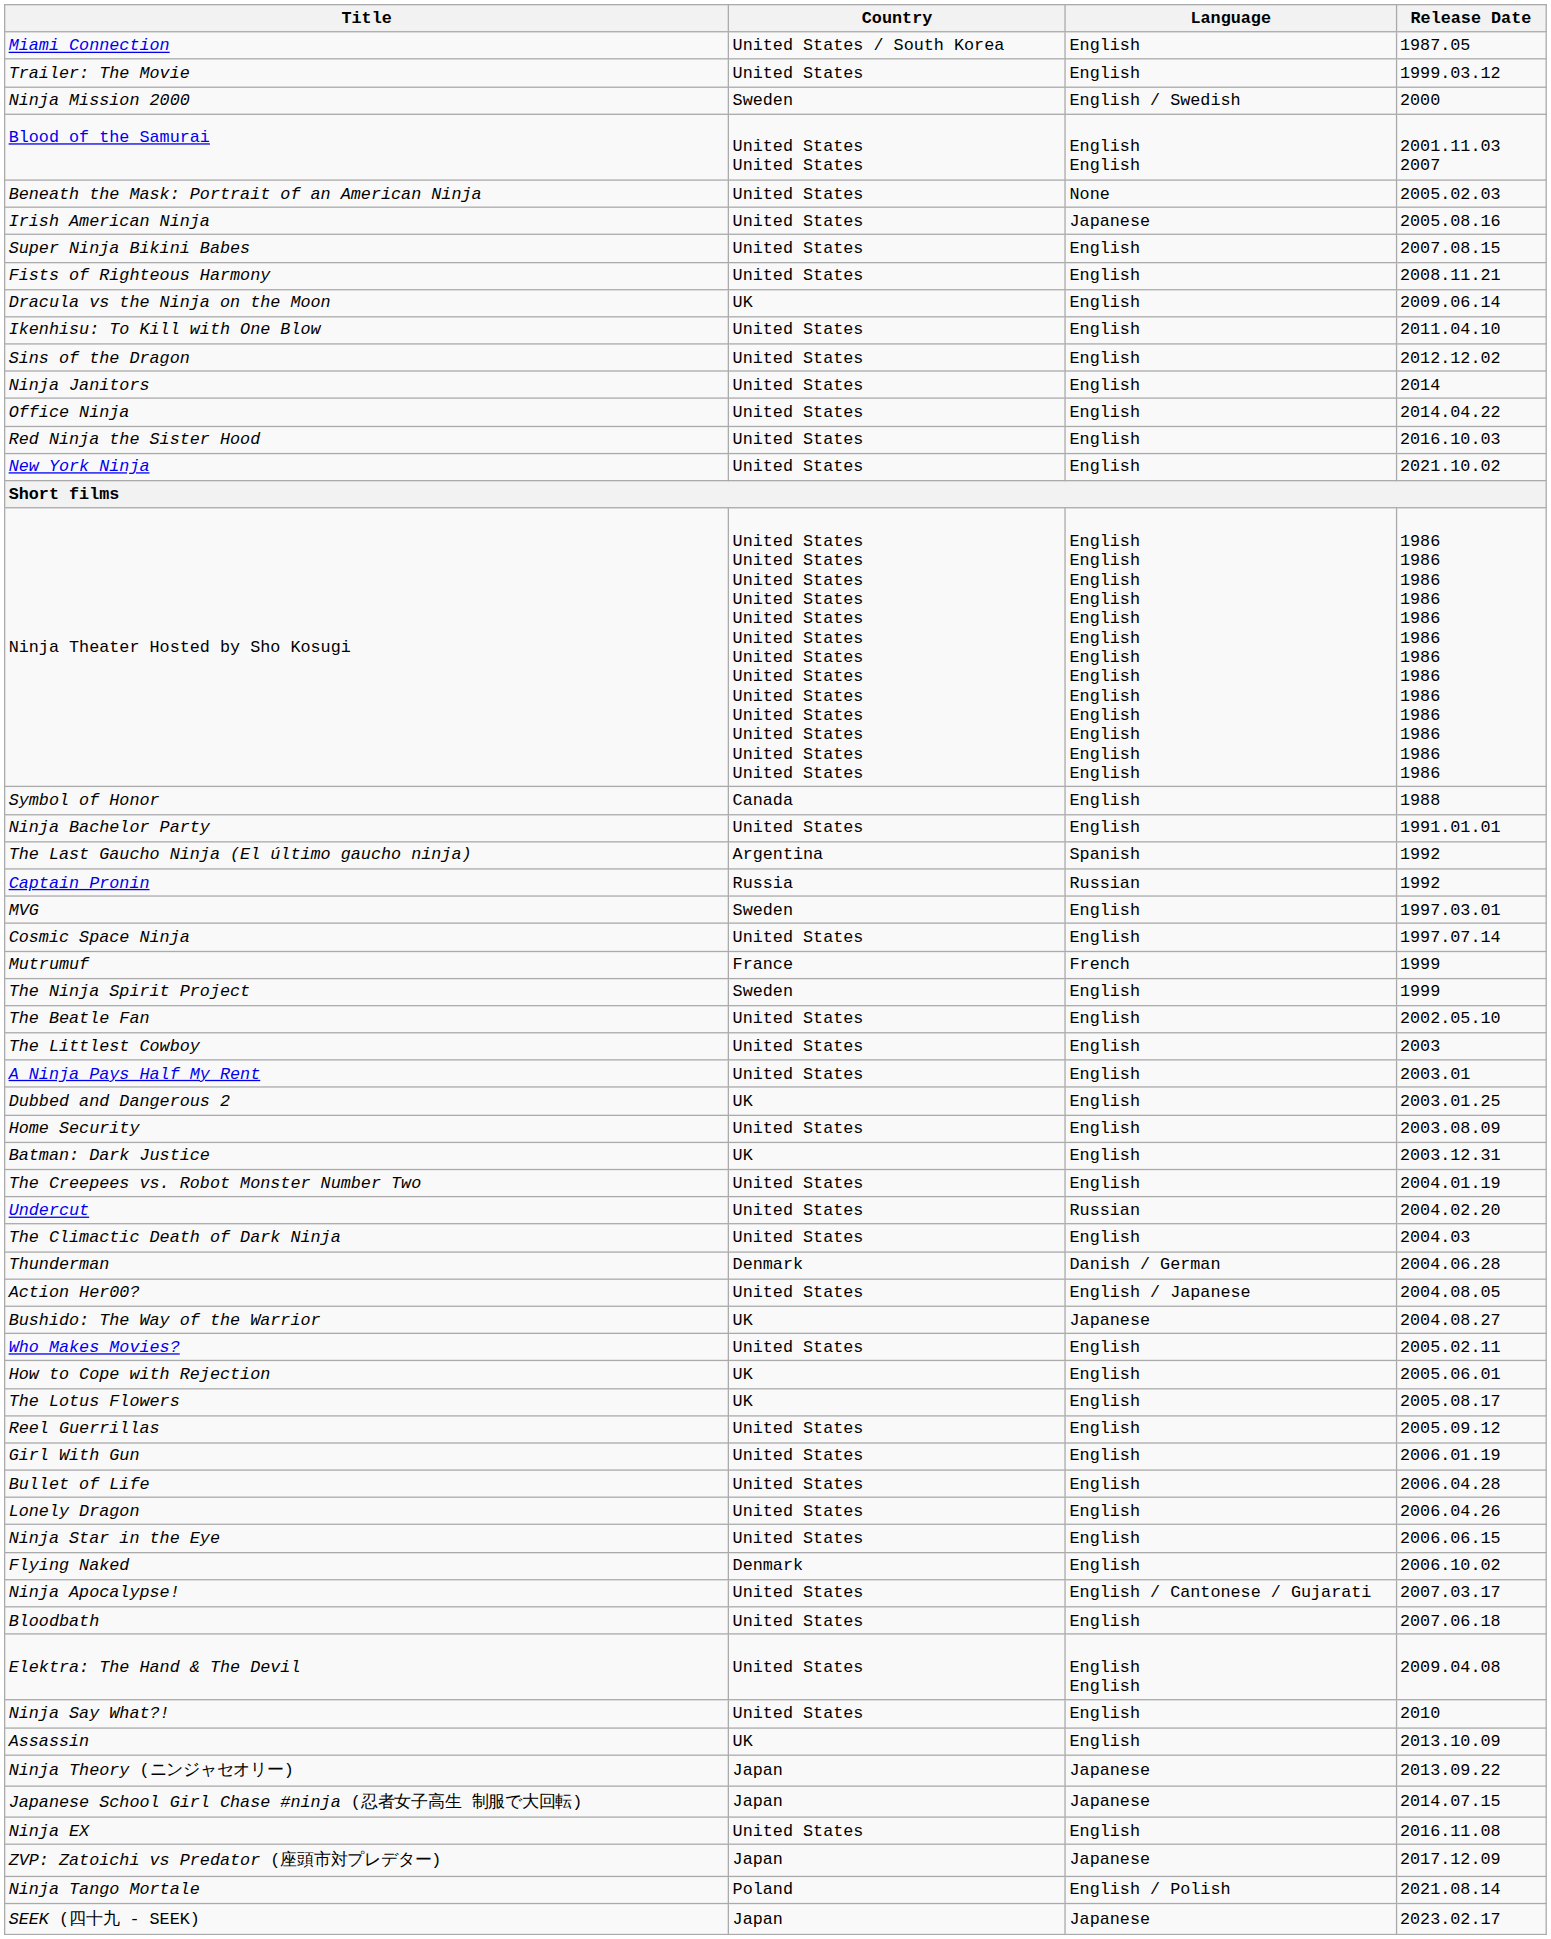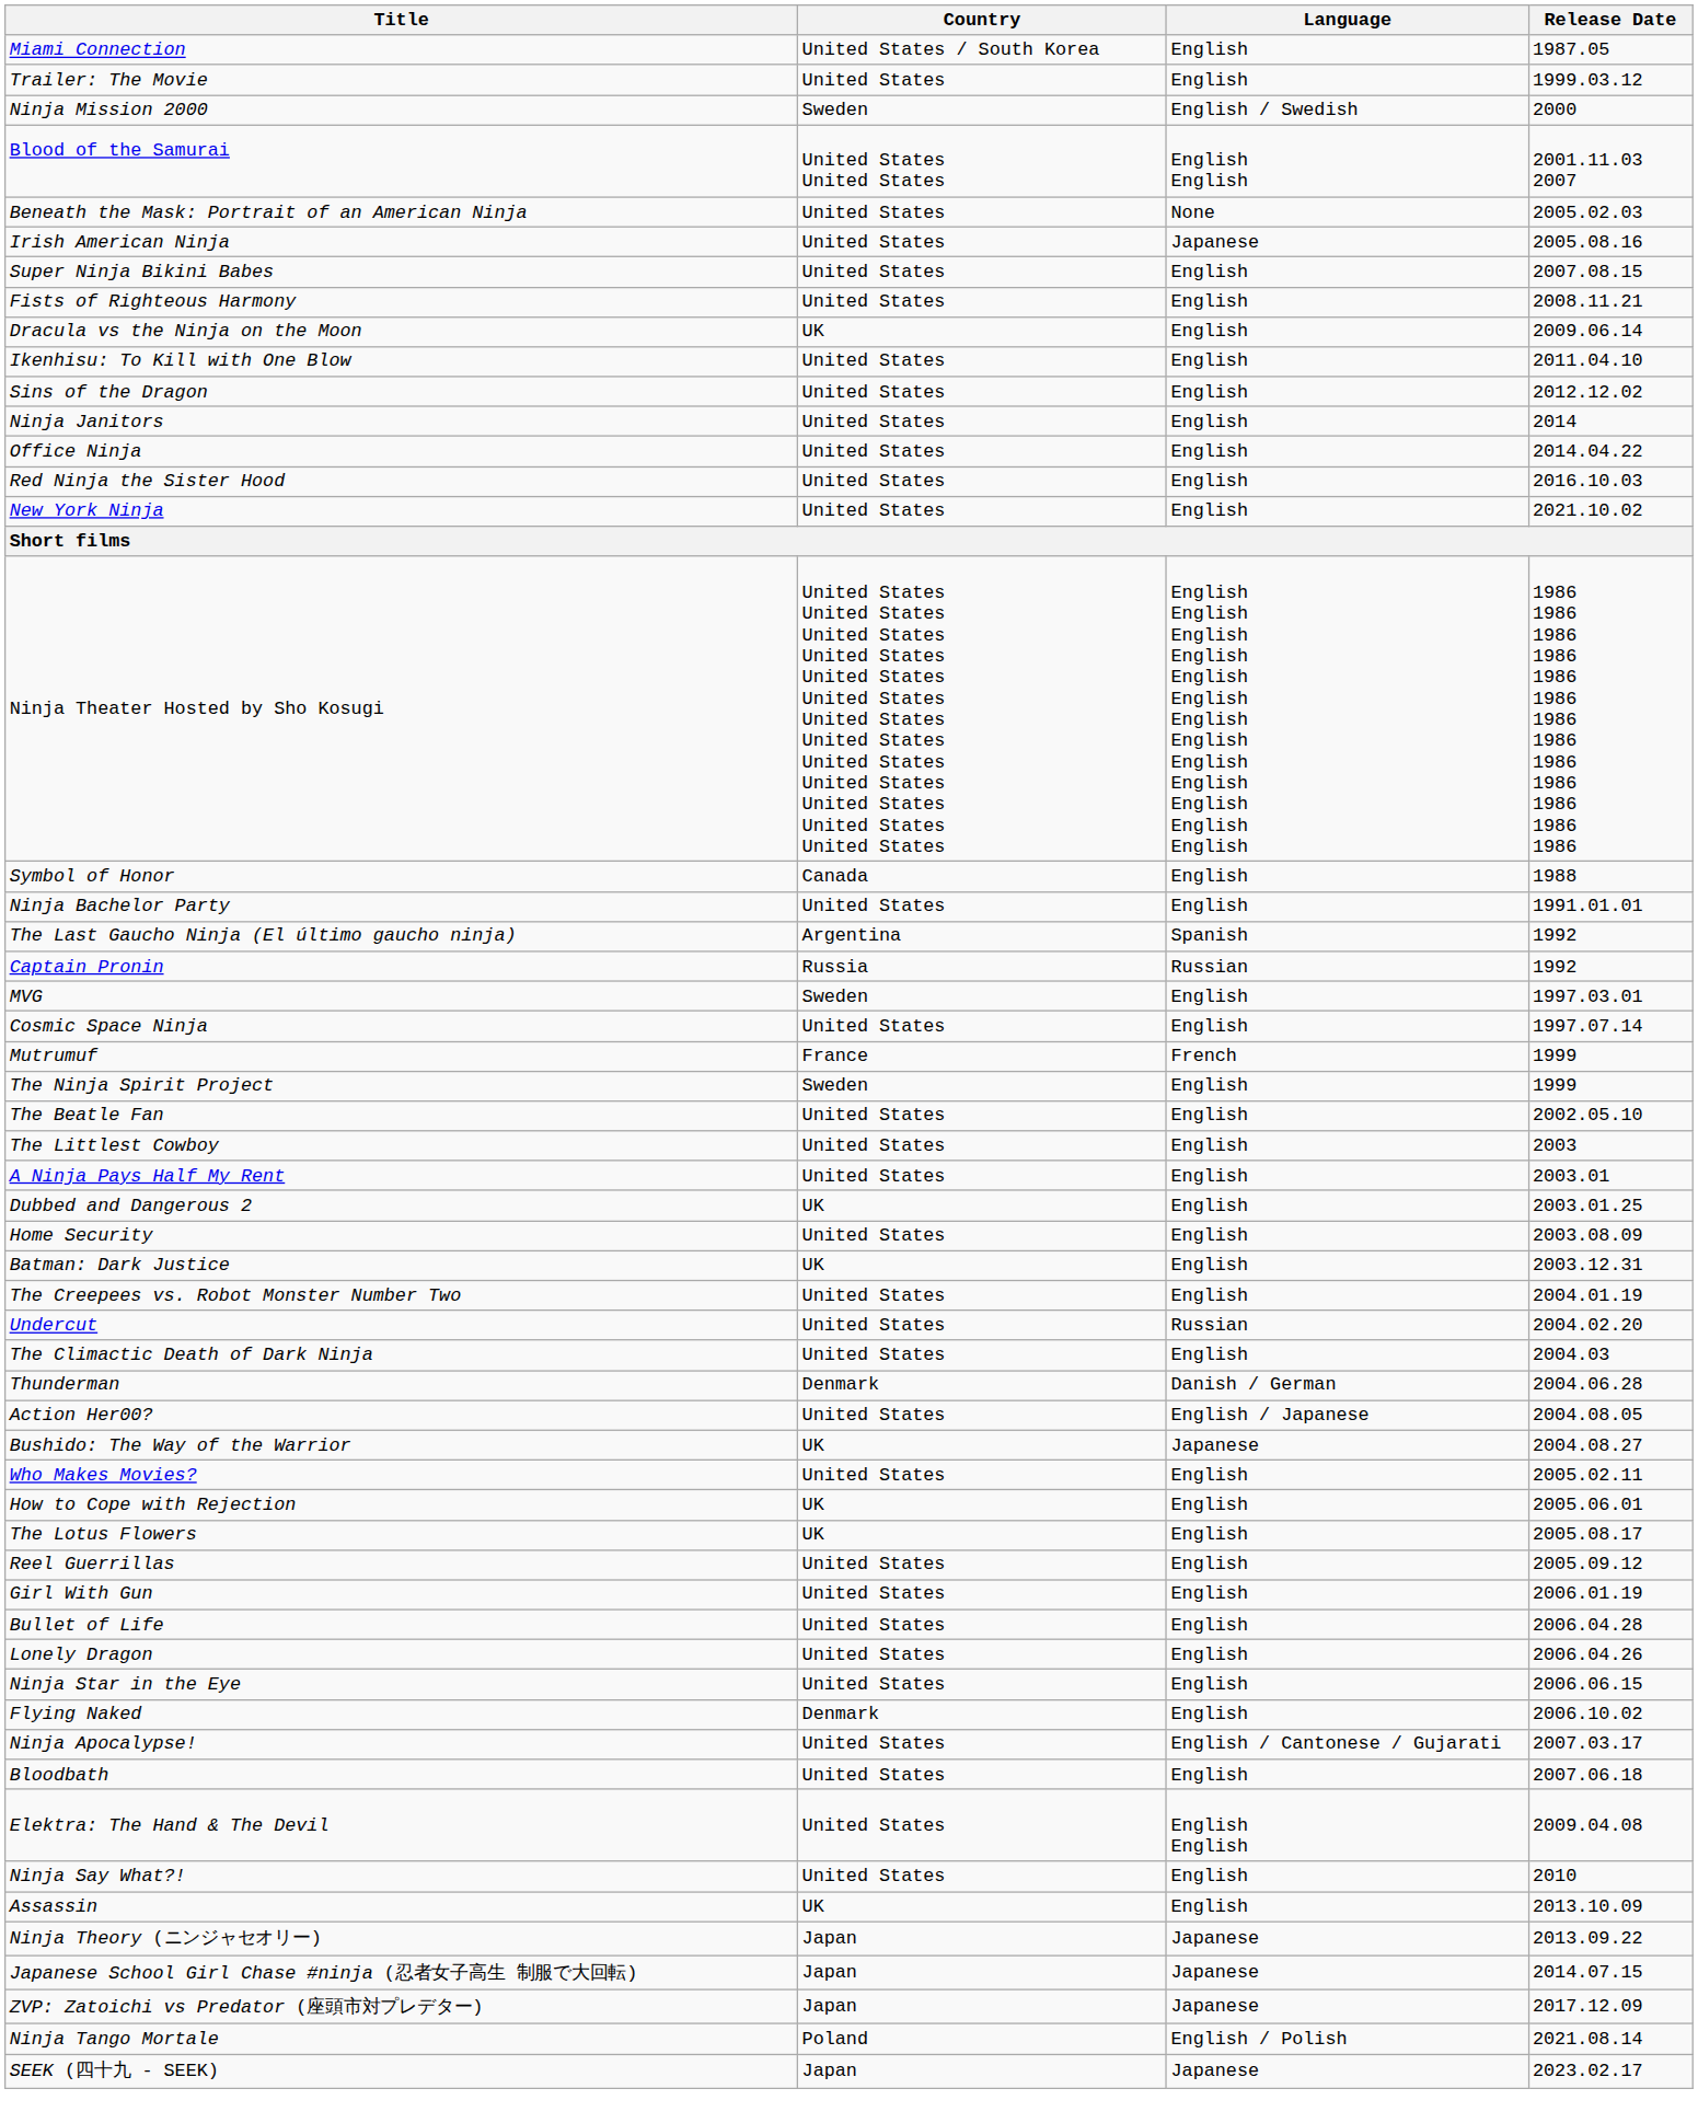 <table class="wikitable">
 <tr>
 <th width="555">Title</th>
 <th width="255">Country</th>
 <th width="250">Language</th>
 <th width="110">Release Date</th>
 </tr>
 <tr>
 <td><em><a href='#'>Miami Connection</a></em></td>
 <td>United States / South Korea</td>
 <td>English</td>
 <td>1987.05</td>
 </tr>
 <tr>
 <td><em>Trailer: The Movie</em></td>
 <td>United States</td>
 <td>English</td>
 <td>1999.03.12</td>
 </tr>
 <tr>
 <td><em>Ninja Mission 2000</em></td>
 <td>Sweden</td>
 <td>English / Swedish</td>
 <td>2000</td>
 </tr>
 <tr>
 <td><a href='#'>Blood of the Samurai</a><br><br></td>
 <td><br>United States<br>United States</td>
 <td><br>English<br>English</td>
 <td><br>2001.11.03<br>2007</td>
 </tr>
 <tr>
 <td><em>Beneath the Mask: Portrait of an American Ninja</em></td>
 <td>United States</td>
 <td>None</td>
 <td>2005.02.03</td>
 </tr>
 <tr>
 <td><em>Irish American Ninja</em></td>
 <td>United States</td>
 <td>Japanese</td>
 <td>2005.08.16</td>
 </tr>
 <tr>
 <td><em>Super Ninja Bikini Babes</em> </td>
 <td>United States</td>
 <td>English</td>
 <td>2007.08.15</td>
 </tr>
 <tr>
 <td><em>Fists of Righteous Harmony</em></td>
 <td>United States</td>
 <td>English</td>
 <td>2008.11.21</td>
 </tr>
 <tr>
 <td><em>Dracula vs the Ninja on the Moon</em></td>
 <td>UK</td>
 <td>English</td>
 <td>2009.06.14</td>
 </tr>
 <tr>
 <td><em>Ikenhisu: To Kill with One Blow</em></td>
 <td>United States</td>
 <td>English</td>
 <td>2011.04.10</td>
 </tr>
 <tr>
 <td><em>Sins of the Dragon</em></td>
 <td>United States</td>
 <td>English</td>
 <td>2012.12.02</td>
 </tr>
 <tr>
 <td><em>Ninja Janitors</em></td>
 <td>United States</td>
 <td>English</td>
 <td>2014</td>
 </tr>
 <tr>
 <td><em>Office Ninja</em></td>
 <td>United States</td>
 <td>English</td>
 <td>2014.04.22</td>
 </tr>
 <tr>
 <td><em>Red Ninja the Sister Hood</em></td>
 <td>United States</td>
 <td>English</td>
 <td>2016.10.03</td>
 </tr>
 <tr>
 <td><em><a href='#'>New York Ninja</a></em> </td>
 <td>United States</td>
 <td>English</td>
 <td>2021.10.02</td>
 </tr>
 <tr>
 <th colspan="4" style="text-align:left;"><strong>Short films</strong></th>
 </tr>
 <tr>
 <td>Ninja Theater Hosted by Sho Kosugi <br></td>
 <td><br>United States<br>United States<br>United States<br>United States<br>United States<br>United States<br>United States<br>United States<br>United States<br>United States<br>United States<br>United States<br>United States</td>
 <td><br>English<br>English<br>English<br>English<br>English<br>English<br>English<br>English<br>English<br>English<br>English<br>English<br>English</td>
 <td><br>1986<br>1986<br>1986<br>1986<br>1986<br>1986<br>1986<br>1986<br>1986<br>1986<br>1986<br>1986<br>1986</td>
 </tr>
 <tr>
 <td><em>Symbol of Honor</em></td>
 <td>Canada</td>
 <td>English</td>
 <td>1988</td>
 </tr>
 <tr>
 <td><em>Ninja Bachelor Party</em></td>
 <td>United States</td>
 <td>English</td>
 <td>1991.01.01</td>
 </tr>
 <tr>
 <td><em>The Last Gaucho Ninja (El último gaucho ninja)</em></td>
 <td>Argentina</td>
 <td>Spanish</td>
 <td>1992</td>
 </tr>
 <tr>
 <td><em><a href='#'>Captain Pronin</a></em></td>
 <td>Russia</td>
 <td>Russian</td>
 <td>1992</td>
 </tr>
 <tr>
 <td><em>MVG</em></td>
 <td>Sweden</td>
 <td>English</td>
 <td>1997.03.01</td>
 </tr>
 <tr>
 <td><em>Cosmic Space Ninja</em></td>
 <td>United States</td>
 <td>English</td>
 <td>1997.07.14</td>
 </tr>
 <tr>
 <td><em>Mutrumuf</em></td>
 <td>France</td>
 <td>French</td>
 <td>1999</td>
 </tr>
 <tr>
 <td><em>The Ninja Spirit Project</em></td>
 <td>Sweden</td>
 <td>English</td>
 <td>1999</td>
 </tr>
 <tr>
 <td><em>The Beatle Fan</em></td>
 <td>United States</td>
 <td>English</td>
 <td>2002.05.10</td>
 </tr>
 <tr>
 <td><em>The Littlest Cowboy</em></td>
 <td>United States</td>
 <td>English</td>
 <td>2003</td>
 </tr>
 <tr>
 <td><em><a href='#'>A Ninja Pays Half My Rent</a></em></td>
 <td>United States</td>
 <td>English</td>
 <td>2003.01</td>
 </tr>
 <tr>
 <td><em>Dubbed and Dangerous 2</em></td>
 <td>UK</td>
 <td>English</td>
 <td>2003.01.25</td>
 </tr>
 <tr>
 <td><em>Home Security</em></td>
 <td>United States</td>
 <td>English</td>
 <td>2003.08.09</td>
 </tr>
 <tr>
 <td><em>Batman: Dark Justice</em> </td>
 <td>UK</td>
 <td>English</td>
 <td>2003.12.31</td>
 </tr>
 <tr>
 <td><em>The Creepees vs. Robot Monster Number Two</em></td>
 <td>United States</td>
 <td>English</td>
 <td>2004.01.19</td>
 </tr>
 <tr>
 <td><em><a href='#'>Undercut</a></em></td>
 <td>United States</td>
 <td>Russian</td>
 <td>2004.02.20</td>
 </tr>
 <tr>
 <td><em>The Climactic Death of Dark Ninja</em></td>
 <td>United States</td>
 <td>English</td>
 <td>2004.03</td>
 </tr>
 <tr>
 <td><em>Thunderman</em></td>
 <td>Denmark</td>
 <td>Danish / German</td>
 <td>2004.06.28</td>
 </tr>
 <tr>
 <td><em>Action Her00?</em></td>
 <td>United States</td>
 <td>English / Japanese</td>
 <td>2004.08.05</td>
 </tr>
 <tr>
 <td><em>Bushido: The Way of the Warrior</em></td>
 <td>UK</td>
 <td>Japanese</td>
 <td>2004.08.27</td>
 </tr>
 <tr>
 <td><em><a href='#'>Who Makes Movies?</a></em></td>
 <td>United States</td>
 <td>English</td>
 <td>2005.02.11</td>
 </tr>
 <tr>
 <td><em>How to Cope with Rejection</em> </td>
 <td>UK</td>
 <td>English</td>
 <td>2005.06.01</td>
 </tr>
 <tr>
 <td><em>The Lotus Flowers </em></td>
 <td>UK</td>
 <td>English</td>
 <td>2005.08.17</td>
 </tr>
 <tr>
 <td><em>Reel Guerrillas</em></td>
 <td>United States</td>
 <td>English</td>
 <td>2005.09.12</td>
 </tr>
 <tr>
 <td><em>Girl With Gun</em></td>
 <td>United States</td>
 <td>English</td>
 <td>2006.01.19</td>
 </tr>
 <tr>
 <td><em>Bullet of Life</em></td>
 <td>United States</td>
 <td>English</td>
 <td>2006.04.28</td>
 </tr>
 <tr>
 <td><em>Lonely Dragon</em></td>
 <td>United States</td>
 <td>English</td>
 <td>2006.04.26</td>
 </tr>
 <tr>
 <td><em>Ninja Star in the Eye</em></td>
 <td>United States</td>
 <td>English</td>
 <td>2006.06.15</td>
 </tr>
 <tr>
 <td><em>Flying Naked</em></td>
 <td>Denmark</td>
 <td>English</td>
 <td>2006.10.02</td>
 </tr>
 <tr>
 <td><em>Ninja Apocalypse!</em></td>
 <td>United States</td>
 <td>English / Cantonese / Gujarati</td>
 <td>2007.03.17</td>
 </tr>
 <tr>
 <td><em>Bloodbath</em></td>
 <td>United States</td>
 <td>English</td>
 <td>2007.06.18</td>
 </tr>
 <tr>
 <td><em>Elektra: The Hand & The Devil</em> </td>
 <td>United States</td>
 <td><br>English<br>English</td>
 <td>2009.04.08</td>
 </tr>
 <tr>
 <td><em>Ninja Say What?!</em></td>
 <td>United States</td>
 <td>English</td>
 <td>2010</td>
 </tr>
 <tr>
 <td><em>Assassin</em></td>
 <td>UK</td>
 <td>English</td>
 <td>2013.10.09</td>
 </tr>
 <tr>
 <td><em>Ninja Theory</em> (ニンジャセオリー) </td>
 <td>Japan</td>
 <td>Japanese</td>
 <td>2013.09.22</td>
 </tr>
 <tr>
 <td><em>Japanese School Girl Chase #ninja</em> (忍者女子高生 制服で大回転) </td>
 <td>Japan</td>
 <td>Japanese</td>
 <td>2014.07.15</td>
 </tr>
 <tr>
-<td><em>Ninja EX</em> </td>
-<td>United States</td>
-<td>English</td>
-<td>2016.11.08</td>
-</tr>
-<tr>
 <td><em>ZVP: Zatoichi vs Predator</em> (座頭市対プレデター) </td>
 <td>Japan</td>
 <td>Japanese</td>
 <td>2017.12.09</td>
 </tr>
 <tr>
 <td><em>Ninja Tango Mortale</em></td>
 <td>Poland</td>
 <td>English / Polish</td>
 <td>2021.08.14</td>
 </tr>
 <tr>
 <td><em>SEEK</em> (四十九 - SEEK) </td>
 <td>Japan</td>
 <td>Japanese</td>
 <td>2023.02.17</td>
 </tr>
 </table>
